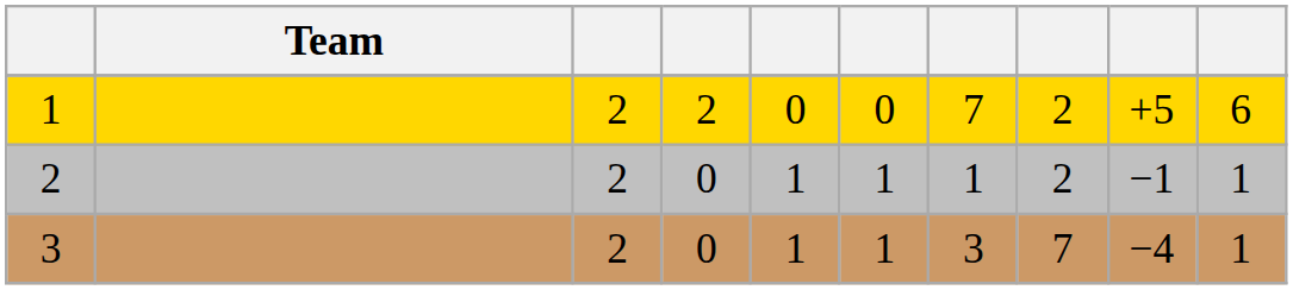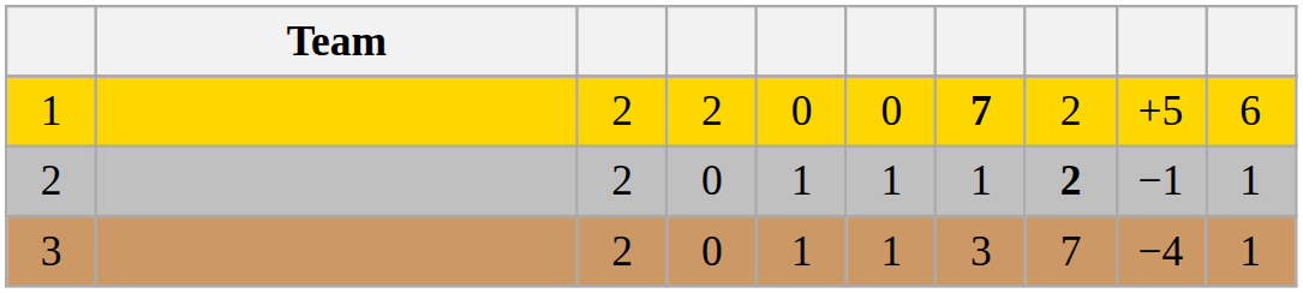 <table class="wikitable" style="font-size:95%;text-align:center">
 <tr>
 <th width=25></th>
 <th width=165>Team</th>
 <th width=25></th>
 <th width=25></th>
 <th width=25></th>
 <th width=25></th>
 <th width=25></th>
 <th width=25></th>
 <th width=25></th>
 <th width=25></th>
 </tr>
 <tr>
 </tr>
 <tr style="background:gold">
 <td>1</td>
 <td style="text-align:left"></td>
 <td>2</td>
 <td>2</td>
 <td>0</td>
 <td>0</td>
-<td>7</td>
+<td><strong>7</strong></td>
 <td>2</td>
 <td>+5</td>
 <td>6</td>
 </tr>
 <tr style="background:silver">
 <td>2</td>
 <td style="text-align:left"></td>
 <td>2</td>
 <td>0</td>
 <td>1</td>
 <td>1</td>
 <td>1</td>
-<td>2</td>
+<td><strong>2</strong></td>
 <td>−1</td>
 <td>1</td>
 </tr>
 <tr style="background:#c96">
 <td>3</td>
 <td style="text-align:left"></td>
 <td>2</td>
 <td>0</td>
 <td>1</td>
 <td>1</td>
 <td>3</td>
 <td>7</td>
 <td>−4</td>
 <td>1</td>
 </tr>
 </table>
